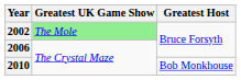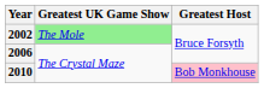 <table class="wikitable">
 <tr>
 <th>Year</th>
 <th>Greatest UK Game Show</th>
 <th>Greatest Host</th>
 </tr>
 <tr>
 <th><strong>2002</strong></th>
 <td style="background: lightgreen;"><em><a href='#'>The Mole</a></em></td>
 <td rowspan=2><a href='#'>Bruce Forsyth</a></td>
 </tr>
 <tr>
 <th><strong>2006</strong></th>
 <td rowspan=2><em><a href='#'>The Crystal Maze</a></em></td>
 </tr>
 <tr>
 <th><strong>2010</strong></th>
-<td><a href='#'>Bob Monkhouse</a></td>
+<td style="background: pink;"><a href='#'>Bob Monkhouse</a></td>
 </tr>
 </table>
